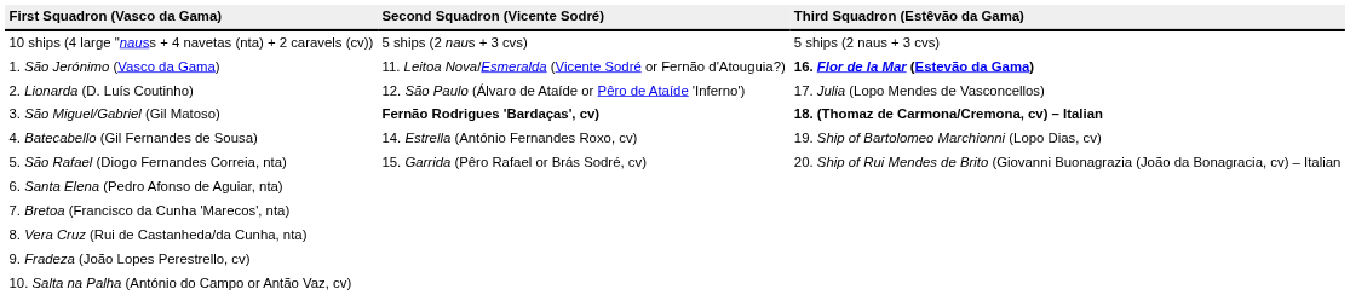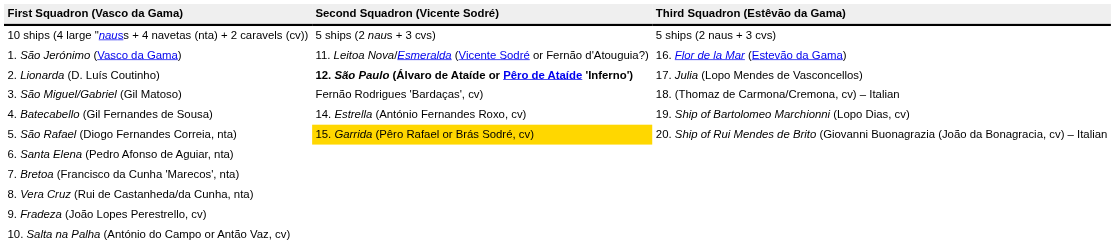 <table class="toccolours" style="border-collapse:collapse" cellpadding=5>
 <tr>
 <td style="border-bottom:3px solid; background:#efefef;"><strong>First Squadron (Vasco da Gama)</strong></td>
 <td style="border-bottom:3px solid; background:#efefef;"><strong>Second Squadron (Vicente Sodré)</strong></td>
 <td style="border-bottom:3px solid; background:#efefef;"><strong>Third Squadron (Estêvão da Gama)</strong></td>
 </tr>
 <tr>
 </tr>
 <tr valign = top>
 <td>10 ships (4 large "<a href='#'><em>nau</em>s</a>s + 4 navetas (nta) + 2 caravels (cv))</td>
 <td>5 ships (2 <em>nau</em>s + 3 cvs)</td>
 <td>5 ships (2 naus + 3 cvs)</td>
 </tr>
 <tr valign = top>
 <td>1. <em>São Jerónimo</em> (<a href='#'>Vasco da Gama</a>)</td>
 <td>11. <em>Leitoa Nova</em>/<em><a href='#'>Esmeralda</a></em> (<a href='#'>Vicente Sodré</a> or Fernão d'Atouguia?)</td>
-<td><strong>16. <em><a href='#'>Flor de la Mar</a></em> (<a href='#'>Estevão da Gama</a>)</strong></td>
+<td>16. <em><a href='#'>Flor de la Mar</a></em> (<a href='#'>Estevão da Gama</a>)</td>
 </tr>
 <tr valign = top>
 <td>2. <em>Lionarda</em> (D. Luís Coutinho)</td>
-<td>12. <em>São Paulo</em> (Álvaro de Ataíde or <a href='#'>Pêro de Ataíde</a> 'Inferno')</td>
+<td><strong>12. <em>São Paulo</em> (Álvaro de Ataíde or <a href='#'>Pêro de Ataíde</a> 'Inferno')</strong></td>
 <td>17. <em>Julia</em> (Lopo Mendes de Vasconcellos)</td>
 </tr>
 <tr valign = top>
 <td>3. <em>São Miguel/Gabriel</em> (Gil Matoso)</td>
-<td 13. ><strong>Fernão Rodrigues 'Bardaças', cv)</strong></td>
-<td><strong>18. (Thomaz de Carmona/Cremona, cv) – Italian</strong></td>
+<td 13. >Fernão Rodrigues 'Bardaças', cv)</td>
+<td>18. (Thomaz de Carmona/Cremona, cv) – Italian</td>
 </tr>
 <tr valign = top>
 <td>4. <em>Batecabello</em> (Gil Fernandes de Sousa)</td>
 <td>14. <em>Estrella</em> (António Fernandes Roxo, cv)</td>
 <td>19. <em>Ship of Bartolomeo Marchionni</em> (Lopo Dias, cv)</td>
 </tr>
 <tr valign = top>
 <td>5. <em>São Rafael</em> (Diogo Fernandes Correia, nta)</td>
-<td>15. <em>Garrida</em> (Pêro Rafael or Brás Sodré, cv)</td>
+<td style="background: gold;">15. <em>Garrida</em> (Pêro Rafael or Brás Sodré, cv)</td>
 <td>20. <em>Ship of Rui Mendes de Brito</em> (Giovanni Buonagrazia (João da Bonagracia, cv) – Italian</td>
 </tr>
 <tr valign = top>
 <td>6. <em>Santa Elena</em> (Pedro Afonso de Aguiar, nta)</td>
 </tr>
 <tr valign = top>
 <td>7. <em>Bretoa</em> (Francisco da Cunha 'Marecos', nta)</td>
 </tr>
 <tr valign = top>
 <td>8. <em>Vera Cruz</em> (Rui de Castanheda/da Cunha, nta)</td>
 </tr>
 <tr valign = top>
 <td>9. <em>Fradeza</em> (João Lopes Perestrello, cv)</td>
 </tr>
 <tr valign = top>
 <td>10. <em>Salta na Palha</em> (António do Campo or Antão Vaz, cv)</td>
 </tr>
 </table>
